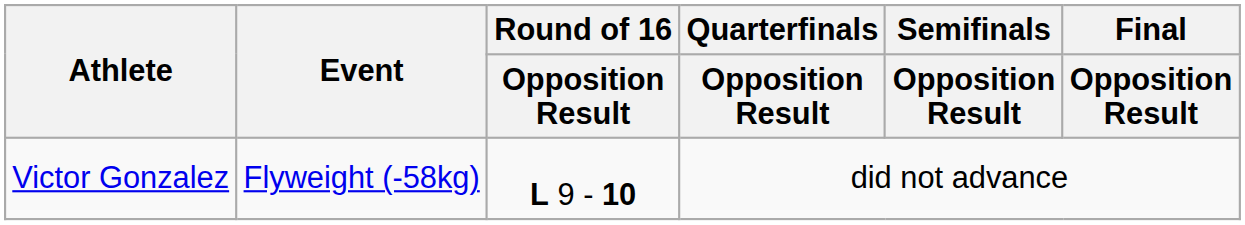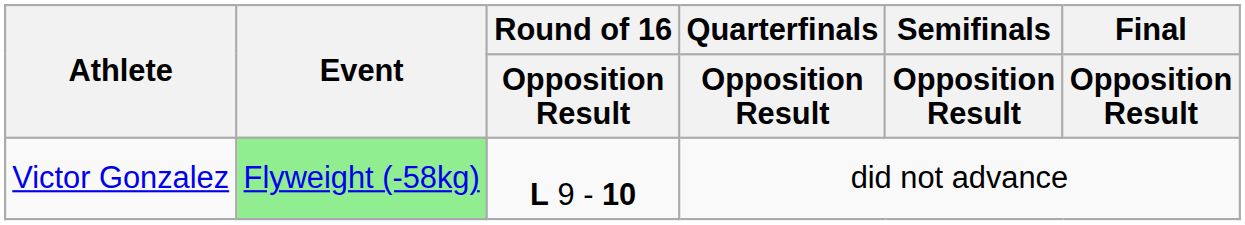 <table class="wikitable" style="font-size:90%">
 <tr>
 <th rowspan=2>Athlete</th>
 <th rowspan=2>Event</th>
 <th>Round of 16</th>
 <th>Quarterfinals</th>
 <th>Semifinals</th>
 <th>Final</th>
 </tr>
 <tr>
 <th>Opposition<br>Result</th>
 <th>Opposition<br>Result</th>
 <th>Opposition<br>Result</th>
 <th>Opposition<br>Result</th>
 </tr>
 <tr>
 <td><a href='#'>Victor Gonzalez</a></td>
-<td><a href='#'>Flyweight (-58kg)</a></td>
+<td style="background: lightgreen;"><a href='#'>Flyweight (-58kg)</a></td>
 <td align=center><br><strong>L</strong> 9 - <strong>10</strong></td>
 <td align=center colspan="7">did not advance</td>
 </tr>
 </table>
